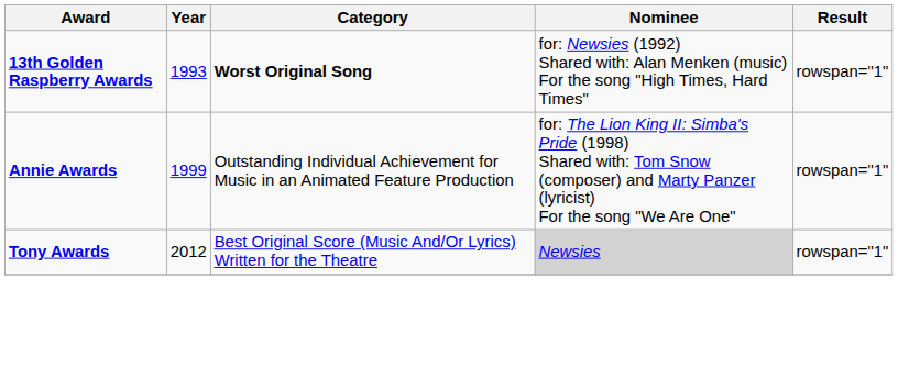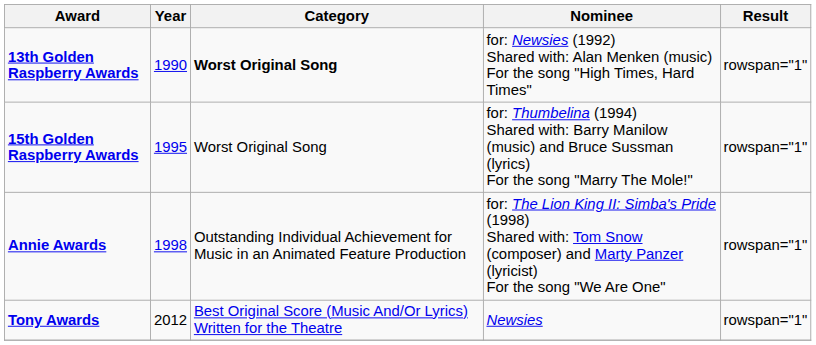 <table class="wikitable">
 <tr>
 <th>Award</th>
 <th>Year</th>
 <th>Category</th>
 <th>Nominee</th>
 <th>Result</th>
 </tr>
 <tr>
 <td><strong><a href='#'>13th Golden Raspberry Awards</a></strong></td>
-<td><a href='#'>1993</a></td>
+<td><a href='#'>1990</a></td>
 <td><strong>Worst Original Song</strong></td>
 <td>for: <em><a href='#'>Newsies</a></em> (1992)<br>Shared with: Alan Menken (music) <br>For the song "High Times, Hard Times"</td>
 <td>rowspan="1" </td>
 </tr>
 <tr>
+<td><strong><a href='#'>15th Golden Raspberry Awards</a></strong></td>
+<td><a href='#'>1995</a></td>
+<td>Worst Original Song</td>
+<td>for: <em><a href='#'>Thumbelina</a></em> (1994)<br>Shared with: Barry Manilow (music) and Bruce Sussman (lyrics) <br> For the song "Marry The Mole!"</td>
+<td>rowspan="1" </td>
+</tr>
+<tr>
 <td><strong><a href='#'>Annie Awards</a></strong></td>
-<td><a href='#'>1999</a></td>
+<td><a href='#'>1998</a></td>
 <td>Outstanding Individual Achievement for Music in an Animated Feature Production</td>
 <td>for: <em><a href='#'>The Lion King II: Simba's Pride</a></em> (1998)<br>Shared with: <a href='#'>Tom Snow</a> (composer) and <a href='#'>Marty Panzer</a> (lyricist) <br> For the song "We Are One"</td>
 <td>rowspan="1" </td>
 </tr>
 <tr>
 <td><strong><a href='#'>Tony Awards</a></strong></td>
 <td>2012</td>
 <td><a href='#'>Best Original Score (Music And/Or Lyrics) Written for the Theatre</a></td>
-<td style="background: lightgrey;"><em><a href='#'>Newsies</a></em></td>
+<td><em><a href='#'>Newsies</a></em></td>
 <td>rowspan="1" </td>
 </tr>
 <tr>
 </tr>
 </table>
